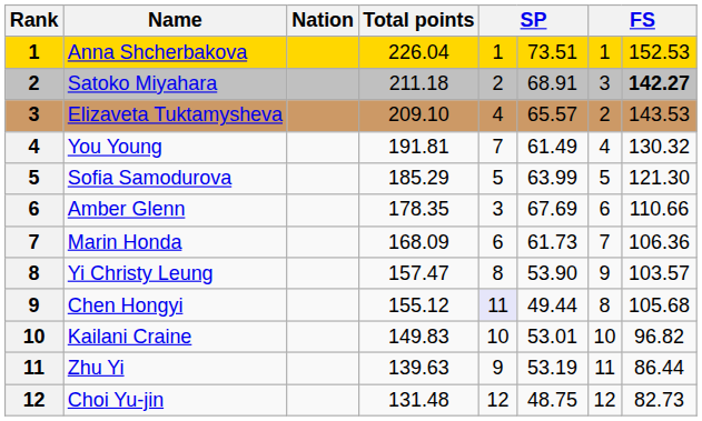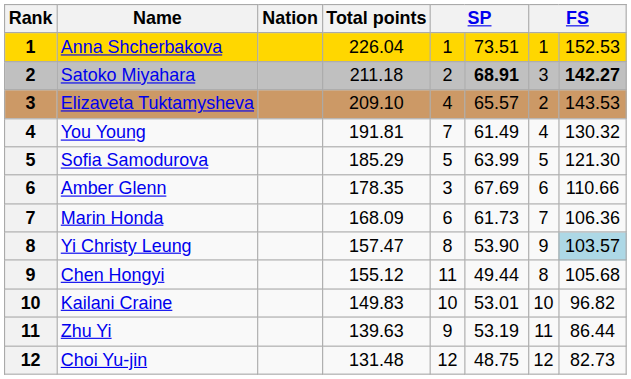 <table class="wikitable sortable">
 <tr>
 <th>Rank</th>
 <th>Name</th>
 <th>Nation</th>
 <th>Total points</th>
 <th colspan="2" width="80px"><a href='#'>SP</a></th>
 <th colspan="2" width="80px"><a href='#'>FS</a></th>
 </tr>
 <tr bgcolor="gold">
 <td align="center"><strong>1</strong></td>
 <td><a href='#'>Anna Shcherbakova</a></td>
 <td></td>
 <td align="center">226.04</td>
 <td align="center">1</td>
 <td align="center">73.51</td>
 <td align="center">1</td>
 <td align="center">152.53</td>
 </tr>
 <tr bgcolor="silver">
 <td align="center"><strong>2</strong></td>
 <td><a href='#'>Satoko Miyahara</a></td>
 <td></td>
 <td align="center">211.18</td>
 <td align="center">2</td>
-<td align="center">68.91</td>
+<td align="center"><strong>68.91</strong></td>
 <td align="center">3</td>
 <td align="center"><strong>142.27</strong></td>
 </tr>
 <tr bgcolor="cc9966">
 <td align="center"><strong>3</strong></td>
 <td><a href='#'>Elizaveta Tuktamysheva</a></td>
 <td></td>
 <td align="center">209.10</td>
 <td align="center">4</td>
 <td align="center">65.57</td>
 <td align="center">2</td>
 <td align="center">143.53</td>
 </tr>
 <tr>
 <th>4</th>
 <td><a href='#'>You Young</a></td>
 <td></td>
 <td align="center">191.81</td>
 <td align="center">7</td>
 <td align="center">61.49</td>
 <td align="center">4</td>
 <td align="center">130.32</td>
 </tr>
 <tr>
 <th>5</th>
 <td><a href='#'>Sofia Samodurova</a></td>
 <td></td>
 <td align="center">185.29</td>
 <td align="center">5</td>
 <td align="center">63.99</td>
 <td align="center">5</td>
 <td align="center">121.30</td>
 </tr>
 <tr>
 <th>6</th>
 <td><a href='#'>Amber Glenn</a></td>
 <td></td>
 <td align="center">178.35</td>
 <td align="center">3</td>
 <td align="center">67.69</td>
 <td align="center">6</td>
 <td align="center">110.66</td>
 </tr>
 <tr>
 <th>7</th>
 <td><a href='#'>Marin Honda</a></td>
 <td></td>
 <td align="center">168.09</td>
 <td align="center">6</td>
 <td align="center">61.73</td>
 <td align="center">7</td>
 <td align="center">106.36</td>
 </tr>
 <tr>
 <th>8</th>
 <td><a href='#'>Yi Christy Leung</a></td>
 <td></td>
 <td align="center">157.47</td>
 <td align="center">8</td>
 <td align="center">53.90</td>
 <td align="center">9</td>
-<td align="center">103.57</td>
+<td align="center" style="background: lightblue;">103.57</td>
 </tr>
 <tr>
 <th>9</th>
 <td><a href='#'>Chen Hongyi</a></td>
 <td></td>
 <td align="center">155.12</td>
-<td align="center" style="background: lavender;">11</td>
+<td align="center">11</td>
 <td align="center">49.44</td>
 <td align="center">8</td>
 <td align="center">105.68</td>
 </tr>
 <tr>
 <th>10</th>
 <td><a href='#'>Kailani Craine</a></td>
 <td></td>
 <td align="center">149.83</td>
 <td align="center">10</td>
 <td align="center">53.01</td>
 <td align="center">10</td>
 <td align="center">96.82</td>
 </tr>
 <tr>
 <th>11</th>
 <td><a href='#'>Zhu Yi</a></td>
 <td></td>
 <td align="center">139.63</td>
 <td align="center">9</td>
 <td align="center">53.19</td>
 <td align="center">11</td>
 <td align="center">86.44</td>
 </tr>
 <tr>
 <th>12</th>
 <td><a href='#'>Choi Yu-jin</a></td>
 <td></td>
 <td align="center">131.48</td>
 <td align="center">12</td>
 <td align="center">48.75</td>
 <td align="center">12</td>
 <td align="center">82.73</td>
 </tr>
 </table>
